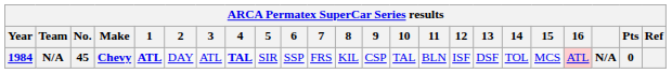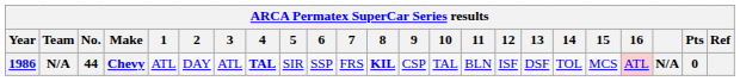 <table class="wikitable" style="text-align:center; font-size:75%">
 <tr>
 <th colspan=32><a href='#'>ARCA Permatex SuperCar Series</a> results</th>
 </tr>
 <tr>
 <th>Year</th>
 <th>Team</th>
 <th>No.</th>
 <th>Make</th>
 <th>1</th>
 <th>2</th>
 <th>3</th>
 <th>4</th>
 <th>5</th>
 <th>6</th>
 <th>7</th>
 <th>8</th>
 <th>9</th>
 <th>10</th>
 <th>11</th>
 <th>12</th>
 <th>13</th>
 <th>14</th>
 <th>15</th>
 <th>16</th>
 <th></th>
 <th>Pts</th>
 <th>Ref</th>
 </tr>
 <tr>
-<th><a href='#'>1984</a></th>
+<th><a href='#'>1986</a></th>
 <th>N/A</th>
-<th>45</th>
+<th>44</th>
 <th><a href='#'>Chevy</a></th>
-<td><strong><a href='#'>ATL</a></strong></td>
+<td><a href='#'>ATL</a></td>
 <td><a href='#'>DAY</a></td>
 <td><a href='#'>ATL</a></td>
 <td><strong><a href='#'>TAL</a></strong></td>
 <td><a href='#'>SIR</a></td>
 <td><a href='#'>SSP</a></td>
 <td><a href='#'>FRS</a></td>
-<td><a href='#'>KIL</a></td>
+<td><strong><a href='#'>KIL</a></strong></td>
 <td><a href='#'>CSP</a></td>
 <td><a href='#'>TAL</a></td>
 <td><a href='#'>BLN</a></td>
 <td><a href='#'>ISF</a></td>
 <td><a href='#'>DSF</a></td>
 <td><a href='#'>TOL</a></td>
 <td><a href='#'>MCS</a></td>
 <td style="background:#FFCFCF;"><a href='#'>ATL</a><br></td>
 <th>N/A</th>
 <th>0</th>
 <th></th>
 </tr>
 </table>
